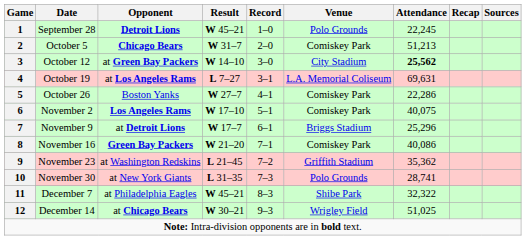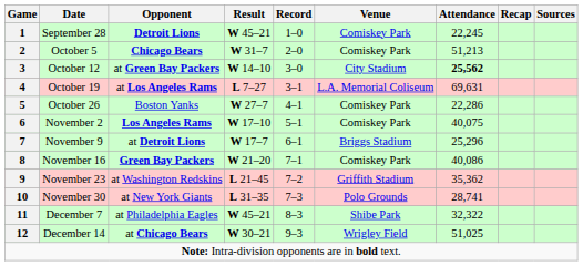 <table class="wikitable" style="text-align:center">
 <tr>
 <th>Game</th>
 <th>Date</th>
 <th>Opponent</th>
 <th>Result</th>
 <th>Record</th>
 <th>Venue</th>
 <th>Attendance</th>
 <th>Recap</th>
 <th>Sources</th>
 </tr>
 <tr style="background: #cfc;">
 <th>1</th>
 <td>September 28</td>
 <td><strong><a href='#'>Detroit Lions</a></strong></td>
 <td><strong>W</strong> 45–21</td>
 <td>1–0</td>
-<td><a href='#'>Polo Grounds</a></td>
+<td><a href='#'>Comiskey Park</a></td>
 <td>22,245</td>
 <td></td>
 <td></td>
 </tr>
 <tr style="background: #cfc;">
 <th>2</th>
 <td>October 5</td>
 <td><strong><a href='#'>Chicago Bears</a></strong></td>
 <td><strong>W</strong> 31–7</td>
 <td>2–0</td>
 <td>Comiskey Park</td>
 <td>51,213</td>
 <td></td>
 <td></td>
 </tr>
 <tr style="background: #cfc;">
 <th>3</th>
 <td>October 12</td>
 <td>at <strong><a href='#'>Green Bay Packers</a></strong></td>
 <td><strong>W</strong> 14–10</td>
 <td>3–0</td>
 <td><a href='#'>City Stadium</a></td>
 <td><strong>25,562</strong></td>
 <td></td>
 <td></td>
 </tr>
 <tr style="background: #fcc;">
 <th>4</th>
 <td>October 19</td>
 <td>at <strong><a href='#'>Los Angeles Rams</a></strong></td>
 <td><strong>L</strong> 7–27</td>
 <td>3–1</td>
 <td><a href='#'>L.A. Memorial Coliseum</a></td>
 <td>69,631</td>
 <td></td>
 <td></td>
 </tr>
 <tr style="background: #cfc;">
 <th>5</th>
 <td>October 26</td>
 <td><a href='#'>Boston Yanks</a></td>
 <td><strong>W</strong> 27–7</td>
 <td>4–1</td>
 <td>Comiskey Park</td>
 <td>22,286</td>
 <td></td>
 <td></td>
 </tr>
 <tr style="background: #cfc;">
 <th>6</th>
 <td>November 2</td>
 <td><strong><a href='#'>Los Angeles Rams</a></strong></td>
 <td><strong>W</strong> 17–10</td>
 <td>5–1</td>
 <td>Comiskey Park</td>
 <td>40,075</td>
 <td></td>
 <td></td>
 </tr>
 <tr style="background: #cfc;">
 <th>7</th>
 <td>November 9</td>
 <td>at <strong><a href='#'>Detroit Lions</a></strong></td>
 <td><strong>W</strong> 17–7</td>
 <td>6–1</td>
 <td><a href='#'>Briggs Stadium</a></td>
 <td>25,296</td>
 <td></td>
 <td></td>
 </tr>
 <tr style="background: #cfc;">
 <th>8</th>
 <td>November 16</td>
 <td><strong><a href='#'>Green Bay Packers</a></strong></td>
 <td><strong>W</strong> 21–20</td>
 <td>7–1</td>
 <td>Comiskey Park</td>
 <td>40,086</td>
 <td></td>
 <td></td>
 </tr>
 <tr style="background: #fcc;">
 <th>9</th>
 <td>November 23</td>
 <td>at <a href='#'>Washington Redskins</a></td>
 <td><strong>L</strong> 21–45</td>
 <td>7–2</td>
 <td><a href='#'>Griffith Stadium</a></td>
 <td>35,362</td>
 <td></td>
 <td></td>
 </tr>
 <tr style="background: #fcc;">
 <th>10</th>
 <td>November 30</td>
 <td>at <a href='#'>New York Giants</a></td>
 <td><strong>L</strong> 31–35</td>
 <td>7–3</td>
 <td><a href='#'>Polo Grounds</a></td>
 <td>28,741</td>
 <td></td>
 <td></td>
 </tr>
 <tr style="background: #cfc;">
 <th>11</th>
 <td>December 7</td>
 <td>at <a href='#'>Philadelphia Eagles</a></td>
 <td><strong>W</strong> 45–21</td>
 <td>8–3</td>
 <td><a href='#'>Shibe Park</a></td>
 <td>32,322</td>
 <td></td>
 <td></td>
 </tr>
 <tr style="background: #cfc;">
 <th>12</th>
 <td>December 14</td>
 <td>at <strong><a href='#'>Chicago Bears</a></strong></td>
 <td><strong>W</strong> 30–21</td>
 <td>9–3</td>
 <td><a href='#'>Wrigley Field</a></td>
 <td>51,025</td>
 <td></td>
 <td></td>
 </tr>
 <tr>
 <td colspan="10"><strong>Note:</strong> Intra-division opponents are in <strong>bold</strong> text.</td>
 </tr>
 </table>
